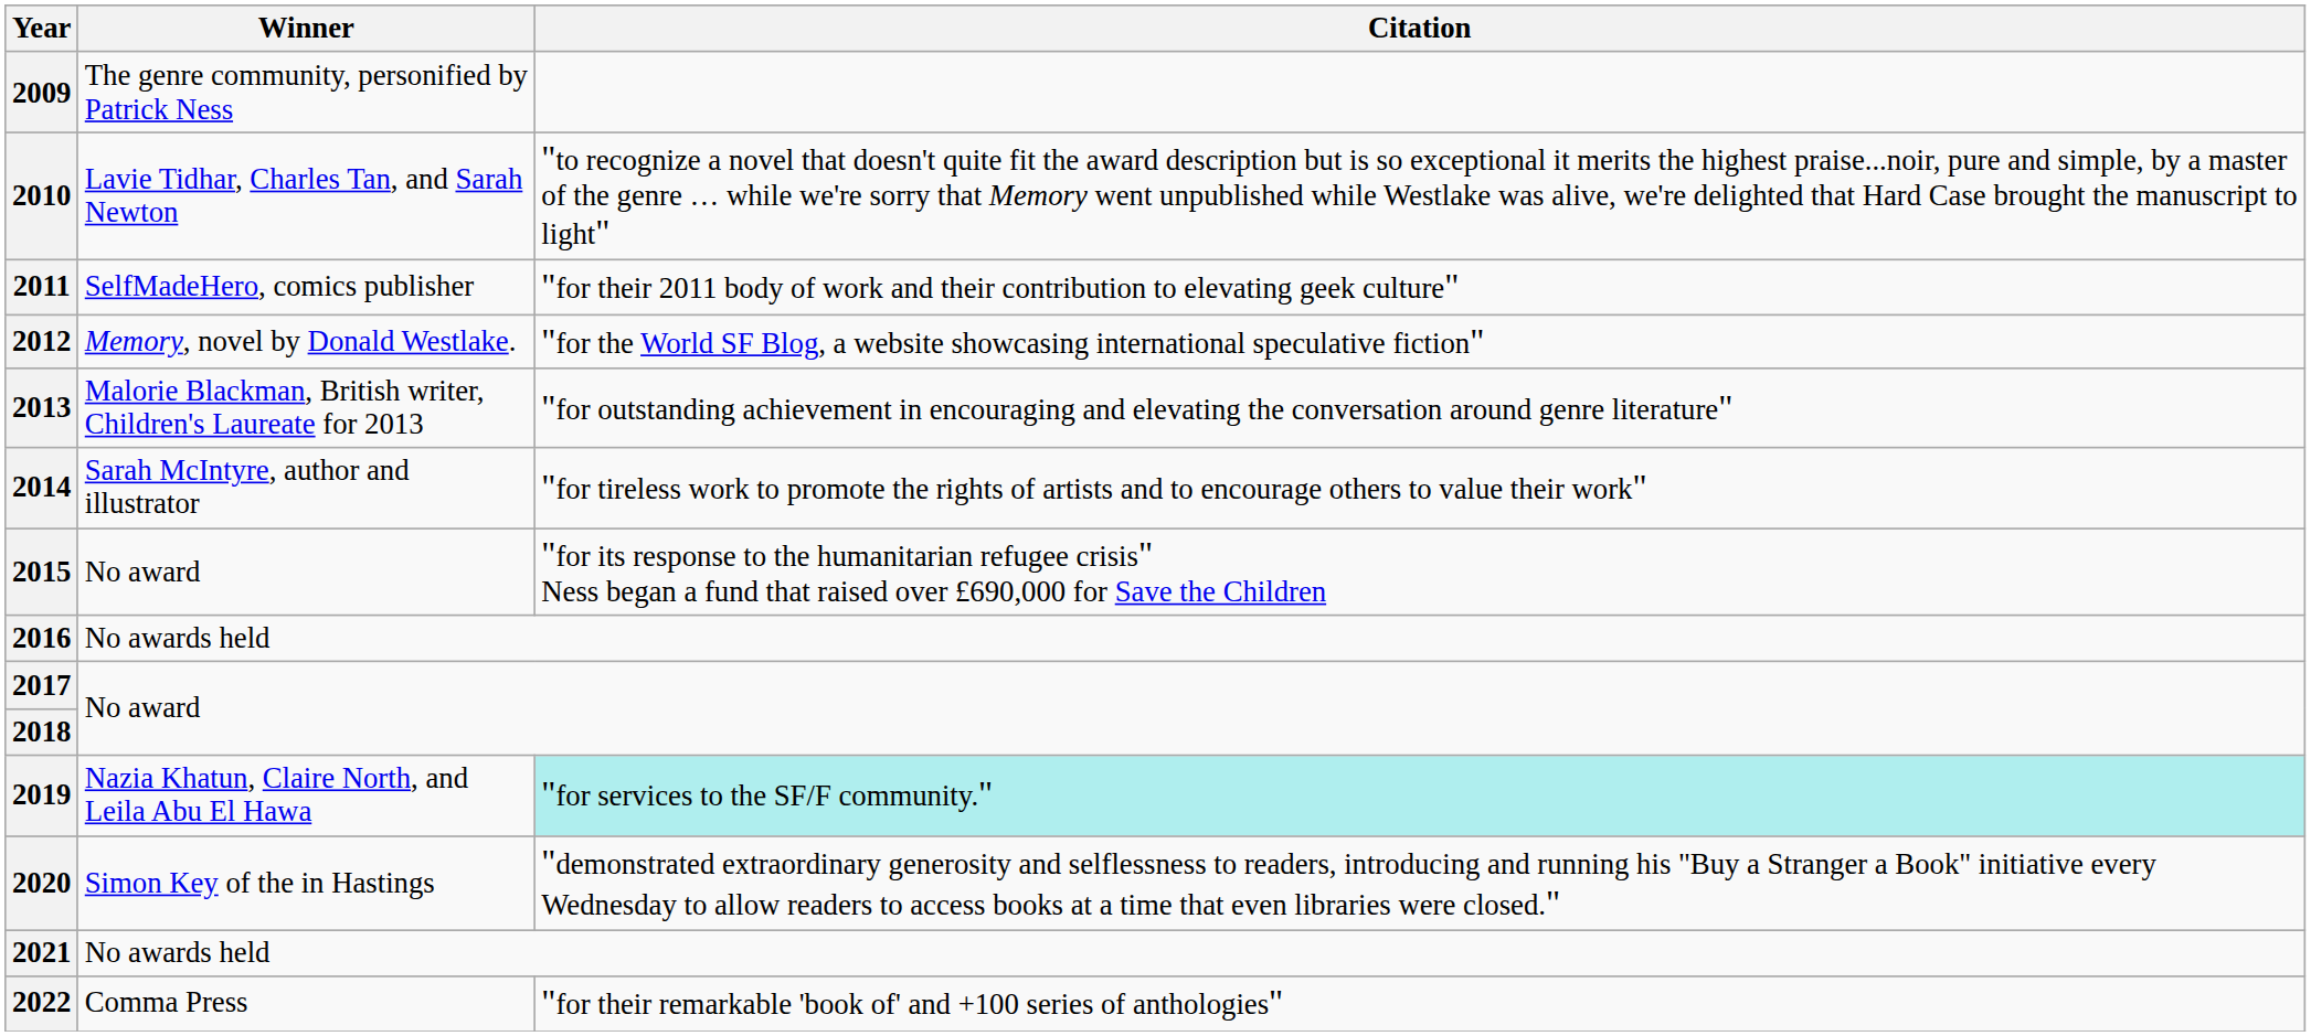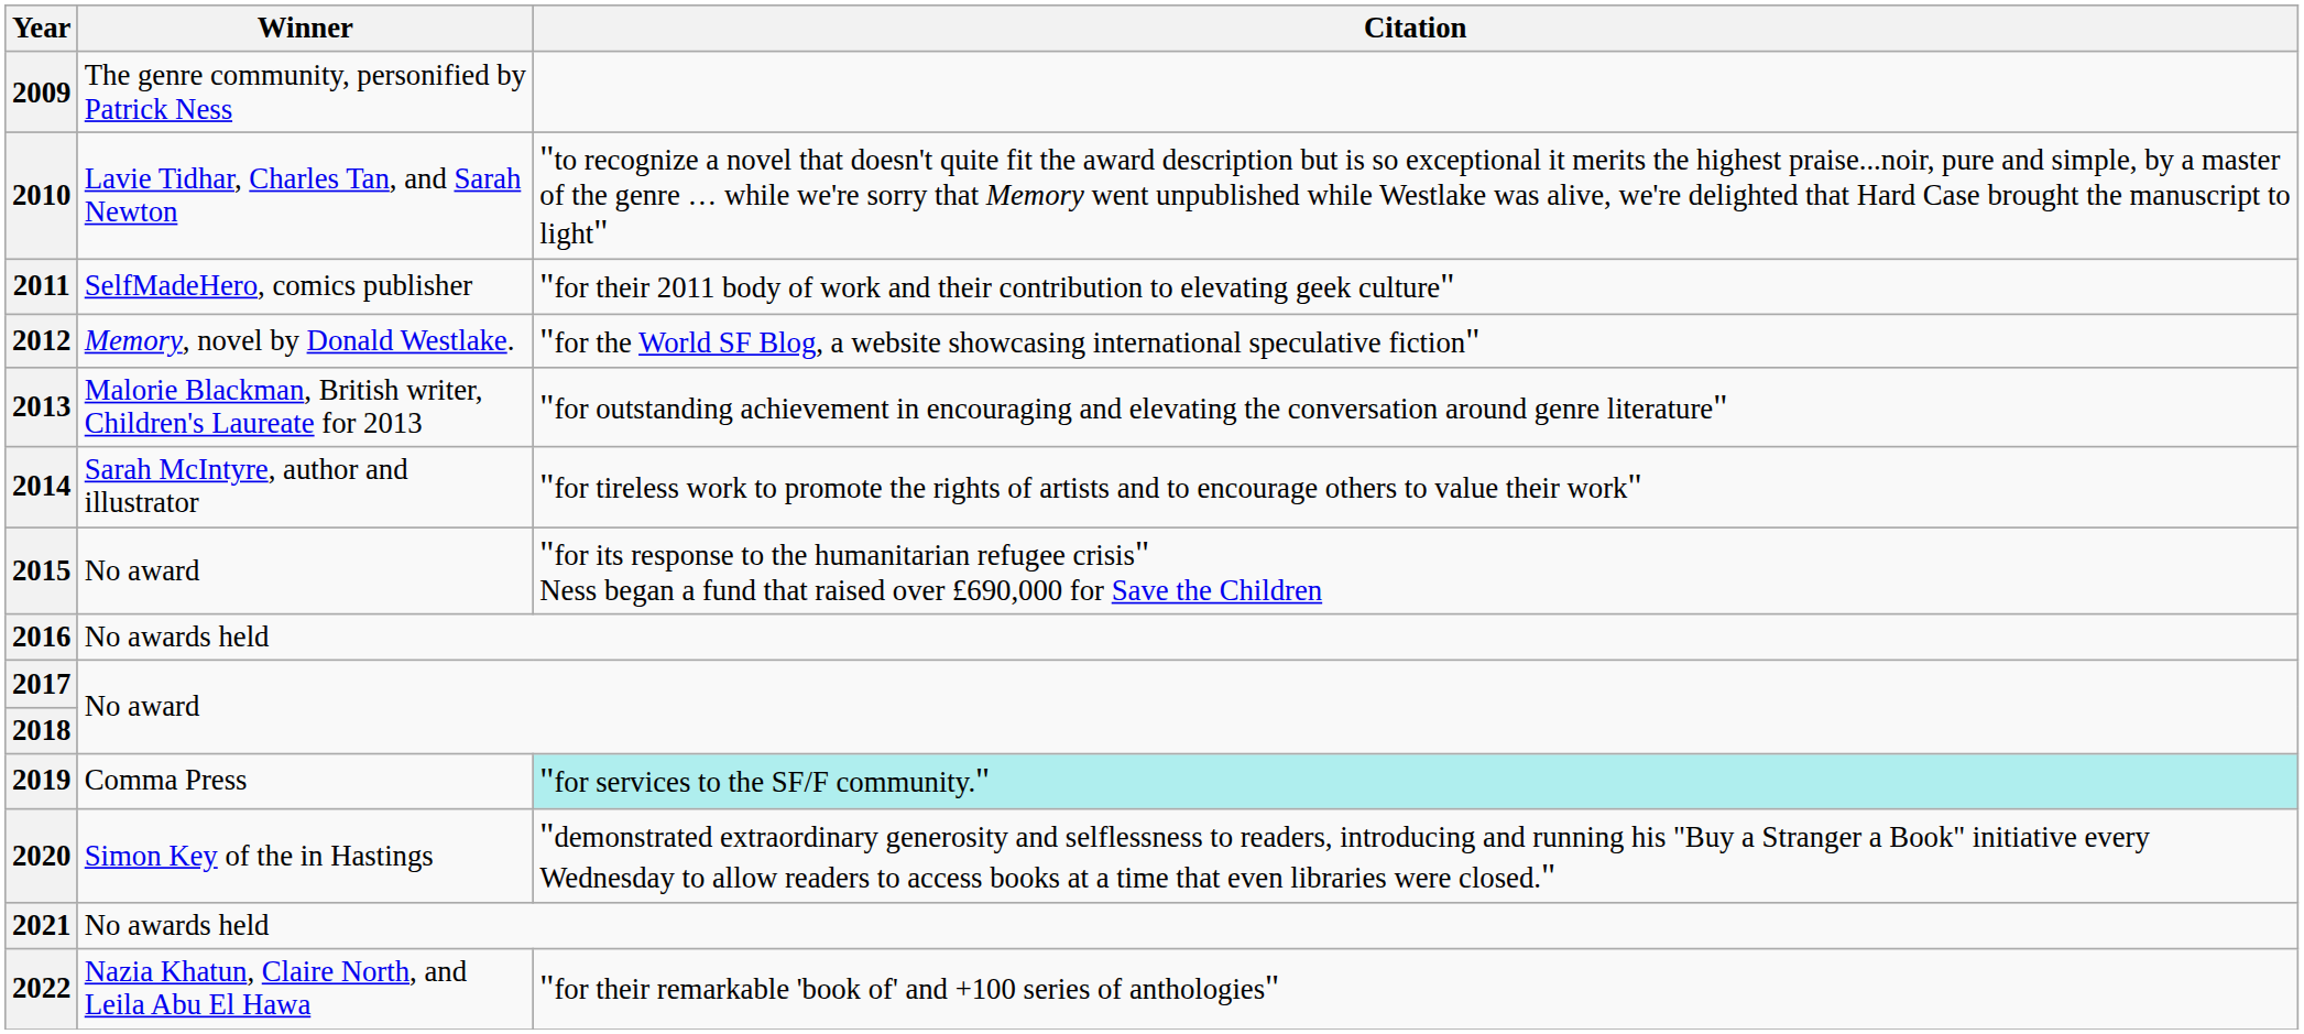 <table class="wikitable nowraplinks">
 <tr>
 <th>Year</th>
 <th>Winner</th>
 <th>Citation</th>
 </tr>
 <tr>
 <th>2009</th>
 <td>The genre community, personified by <a href='#'>Patrick Ness</a></td>
 <td></td>
 </tr>
 <tr>
 <th>2010</th>
 <td><a href='#'>Lavie Tidhar</a>, <a href='#'>Charles Tan</a>, and <a href='#'>Sarah Newton</a></td>
 <td><big>"</big>to recognize a novel that doesn't quite fit the award description but is so exceptional it merits the highest praise...noir, pure and simple, by a master of the genre … while we're sorry that <em>Memory</em> went unpublished while Westlake was alive, we're delighted that Hard Case brought the manuscript to light<big>"</big></td>
 </tr>
 <tr>
 <th>2011</th>
 <td><a href='#'>SelfMadeHero</a>, comics publisher</td>
 <td><big>"</big>for their 2011 body of work and their contribution to elevating geek culture<big>"</big></td>
 </tr>
 <tr>
 <th>2012</th>
 <td><em><a href='#'>Memory</a></em>, novel by <a href='#'>Donald Westlake</a>.</td>
 <td><big>"</big>for the <a href='#'>World SF Blog</a>, a website showcasing international speculative fiction<big>"</big></td>
 </tr>
 <tr>
 <th>2013</th>
 <td><a href='#'>Malorie Blackman</a>, British writer, <a href='#'>Children's Laureate</a> for 2013</td>
 <td><big>"</big>for outstanding achievement in encouraging and elevating the conversation around genre literature<big>"</big></td>
 </tr>
 <tr>
 <th>2014</th>
 <td><a href='#'>Sarah McIntyre</a>, author and illustrator</td>
 <td><big>"</big>for tireless work to promote the rights of artists and to encourage others to value their work<big>"</big></td>
 </tr>
 <tr>
 <th>2015</th>
 <td>No award</td>
 <td><big>"</big>for its response to the humanitarian refugee crisis<big>"</big><br>Ness began a fund that raised over £690,000 for <a href='#'>Save the Children</a></td>
 </tr>
 <tr>
 <th>2016</th>
 <td colspan="2">No awards held</td>
 </tr>
 <tr>
 <th>2017</th>
 <td colspan="2" rowspan="2">No award</td>
 </tr>
 <tr>
 <th>2018</th>
 </tr>
 <tr>
 <th>2019</th>
-<td><a href='#'>Nazia Khatun</a>, <a href='#'>Claire North</a>, and <a href='#'>Leila Abu El Hawa</a></td>
+<td>Comma Press</td>
 <td style="background: paleturquoise;"><big>"</big>for services to the SF/F community.<big>"</big></td>
 </tr>
 <tr>
 <th>2020</th>
 <td><a href='#'>Simon Key</a> of the  in Hastings</td>
 <td><big>"</big>demonstrated extraordinary generosity and selflessness to readers, introducing and running his "Buy a Stranger a Book" initiative every Wednesday to allow readers to access books at a time that even libraries were closed.<big>"</big></td>
 </tr>
 <tr>
 <th>2021</th>
 <td colspan="2">No awards held</td>
 </tr>
 <tr>
 <th>2022</th>
-<td>Comma Press</td>
+<td><a href='#'>Nazia Khatun</a>, <a href='#'>Claire North</a>, and <a href='#'>Leila Abu El Hawa</a></td>
 <td><big>"</big>for their remarkable 'book of' and +100 series of anthologies<big>"</big></td>
 </tr>
 </table>
